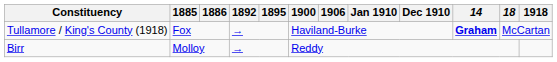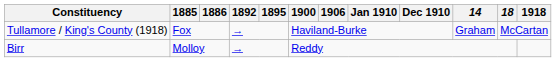 <table class="wikitable">
 <tr>
 <th>Constituency</th>
 <th>1885</th>
 <th>1886</th>
 <th>1892</th>
 <th>1895</th>
 <th>1900</th>
 <th>1906</th>
 <th>Jan 1910</th>
 <th>Dec 1910</th>
 <th><em>14</em></th>
 <th><em>18</em></th>
 <th>1918</th>
 </tr>
 <tr>
 <td><a href='#'>Tullamore</a> / <a href='#'>King's County</a> (1918)</td>
 <td colspan="2"><a href='#'>Fox</a></td>
 <td colspan="2"><a href='#'>→</a></td>
 <td colspan="4"><a href='#'>Haviland-Burke</a></td>
-<td><strong><a href='#'>Graham</a></strong></td>
+<td><a href='#'>Graham</a></td>
 <td colspan="2"><a href='#'>McCartan</a></td>
 </tr>
 <tr>
 <td><a href='#'>Birr</a></td>
 <td colspan="2"><a href='#'>Molloy</a></td>
 <td colspan="2"><a href='#'>→</a></td>
 <td colspan="6"><a href='#'>Reddy</a></td>
 <td></td>
 </tr>
 </table>
